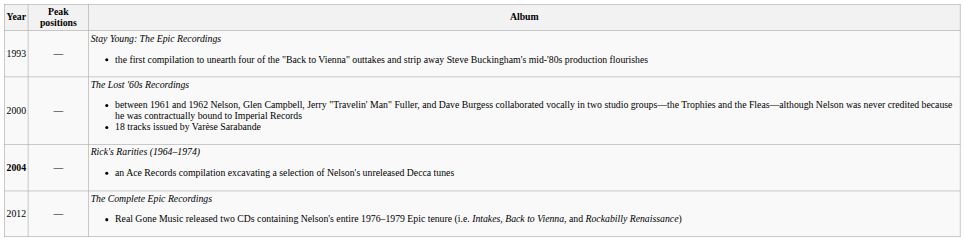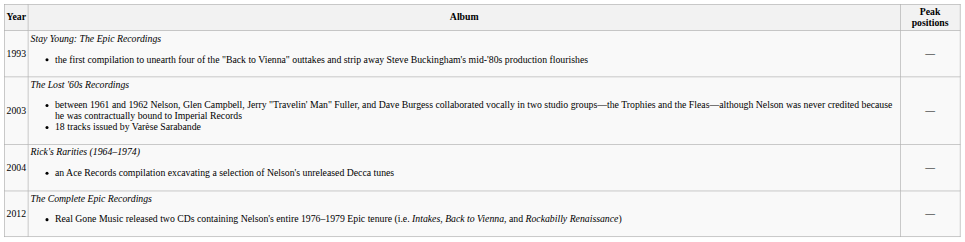 <table class="wikitable">
 <tr>
 <th>Year</th>
+<th>Album</th>
 <th colspan="1">Peak positions</th>
-<th>Album</th>
 </tr>
 <tr>
 <td>1993</td>
+<td><em>Stay Young: The Epic Recordings</em><br><ul><li>the first compilation to unearth four of the "Back to Vienna" outtakes and strip away Steve Buckingham's mid-'80s production flourishes</li></ul></td>
 <td align="center">—</td>
-<td><em>Stay Young: The Epic Recordings</em><br><ul><li>the first compilation to unearth four of the "Back to Vienna" outtakes and strip away Steve Buckingham's mid-'80s production flourishes</li></ul></td>
 </tr>
 <tr>
-<td>2000</td>
+<td>2003</td>
+<td><em>The Lost '60s Recordings</em><br><ul><li>between 1961 and 1962 Nelson, Glen Campbell, Jerry "Travelin' Man" Fuller, and Dave Burgess collaborated vocally in two studio groups—the Trophies and the Fleas—although Nelson was never credited because he was contractually bound to Imperial Records</li><li>18 tracks issued by Varèse Sarabande</li></ul></td>
 <td align="center">—</td>
-<td><em>The Lost '60s Recordings</em><br><ul><li>between 1961 and 1962 Nelson, Glen Campbell, Jerry "Travelin' Man" Fuller, and Dave Burgess collaborated vocally in two studio groups—the Trophies and the Fleas—although Nelson was never credited because he was contractually bound to Imperial Records</li><li>18 tracks issued by Varèse Sarabande</li></ul></td>
 </tr>
 <tr>
-<td><strong>2004</strong></td>
+<td>2004</td>
+<td><em>Rick's Rarities (1964–1974)</em><br><ul><li>an Ace Records compilation excavating a selection of Nelson's unreleased Decca tunes</li></ul></td>
 <td align="center">—</td>
-<td><em>Rick's Rarities (1964–1974)</em><br><ul><li>an Ace Records compilation excavating a selection of Nelson's unreleased Decca tunes</li></ul></td>
 </tr>
 <tr>
 <td>2012</td>
+<td><em>The Complete Epic Recordings</em><br><ul><li>Real Gone Music released two CDs containing Nelson's entire 1976–1979 Epic tenure (i.e. <em>Intakes</em>, <em>Back to Vienna</em>, and <em>Rockabilly Renaissance</em>)</li></ul></td>
 <td align="center">—</td>
-<td><em>The Complete Epic Recordings</em><br><ul><li>Real Gone Music released two CDs containing Nelson's entire 1976–1979 Epic tenure (i.e. <em>Intakes</em>, <em>Back to Vienna</em>, and <em>Rockabilly Renaissance</em>)</li></ul></td>
 </tr>
 </table>
